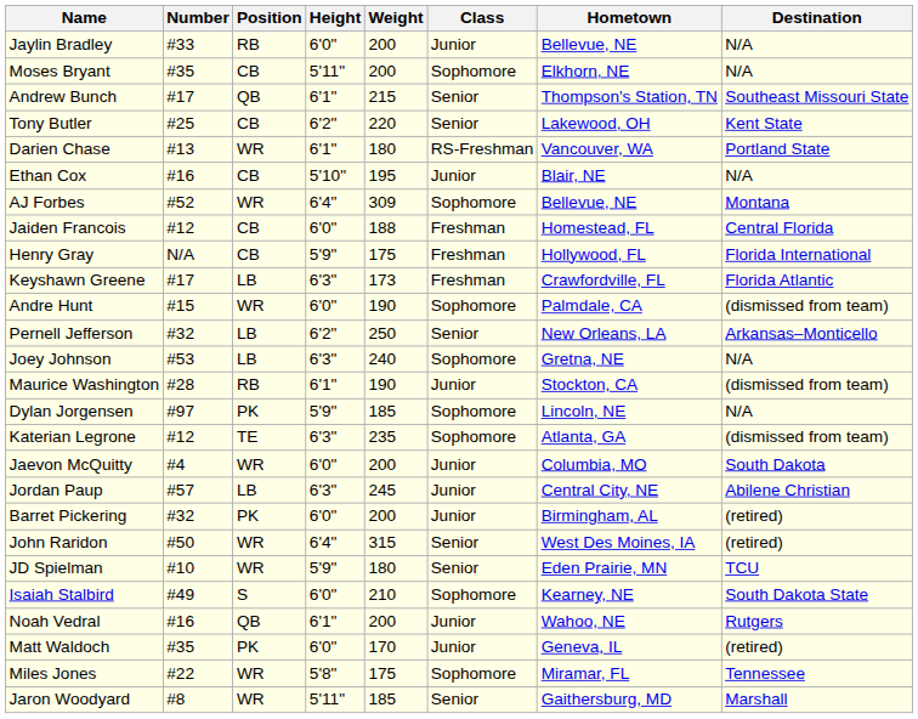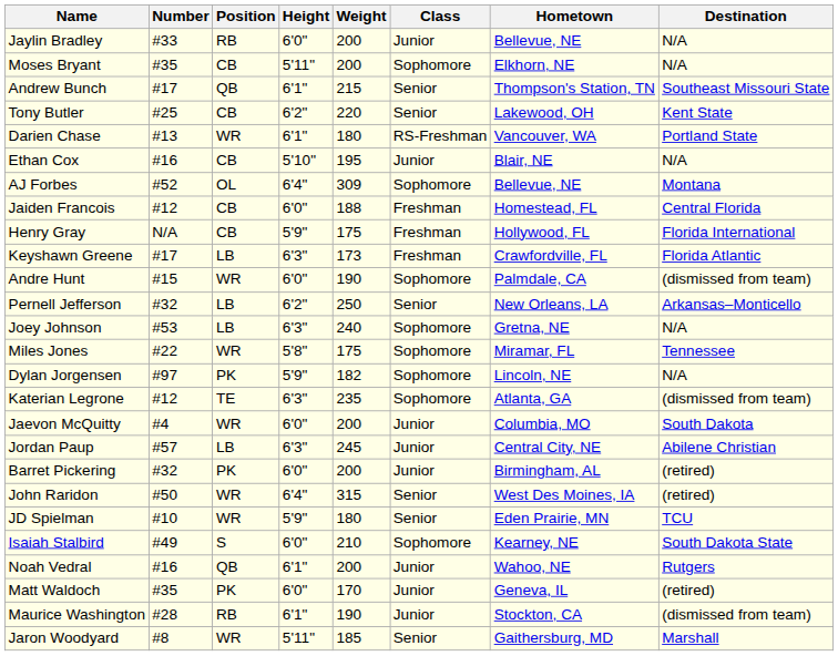 <table class="wikitable sortable">
 <tr>
 <th>Name</th>
 <th>Number</th>
 <th>Position</th>
 <th>Height</th>
 <th>Weight</th>
 <th>Class</th>
 <th>Hometown</th>
 <th>Destination</th>
 </tr>
 <tr style="background:#FFFFE6;">
 <td>Jaylin Bradley</td>
 <td>#33</td>
 <td>RB</td>
 <td>6'0"</td>
 <td>200</td>
 <td>Junior</td>
 <td><a href='#'>Bellevue, NE</a></td>
 <td>N/A</td>
 </tr>
 <tr style="background:#FFFFE6;">
 <td>Moses Bryant</td>
 <td>#35</td>
 <td>CB</td>
 <td>5'11"</td>
 <td>200</td>
 <td>Sophomore</td>
 <td><a href='#'>Elkhorn, NE</a></td>
 <td>N/A</td>
 </tr>
 <tr style="background:#FFFFE6;">
 <td>Andrew Bunch</td>
 <td>#17</td>
 <td>QB</td>
 <td>6'1"</td>
 <td>215</td>
 <td>Senior</td>
 <td><a href='#'>Thompson's Station, TN</a></td>
 <td><a href='#'>Southeast Missouri State</a></td>
 </tr>
 <tr style="background:#FFFFE6;">
 <td>Tony Butler</td>
 <td>#25</td>
 <td>CB</td>
 <td>6'2"</td>
 <td>220</td>
 <td>Senior</td>
 <td><a href='#'>Lakewood, OH</a></td>
 <td><a href='#'>Kent State</a></td>
 </tr>
 <tr style="background:#FFFFE6;">
 <td>Darien Chase</td>
 <td>#13</td>
 <td>WR</td>
 <td>6'1"</td>
 <td>180</td>
 <td>RS-Freshman</td>
 <td><a href='#'>Vancouver, WA</a></td>
 <td><a href='#'>Portland State</a></td>
 </tr>
 <tr style="background:#FFFFE6;">
 <td>Ethan Cox</td>
 <td>#16</td>
 <td>CB</td>
 <td>5'10"</td>
 <td>195</td>
 <td>Junior</td>
 <td><a href='#'>Blair, NE</a></td>
 <td>N/A</td>
 </tr>
 <tr style="background:#FFFFE6;">
 <td>AJ Forbes</td>
 <td>#52</td>
-<td>WR</td>
+<td>OL</td>
 <td>6'4"</td>
 <td>309</td>
 <td>Sophomore</td>
 <td><a href='#'>Bellevue, NE</a></td>
 <td><a href='#'>Montana</a></td>
 </tr>
 <tr style="background:#FFFFE6;">
 <td>Jaiden Francois</td>
 <td>#12</td>
 <td>CB</td>
 <td>6'0"</td>
 <td>188</td>
 <td>Freshman</td>
 <td><a href='#'>Homestead, FL</a></td>
 <td><a href='#'>Central Florida</a></td>
 </tr>
 <tr style="background:#FFFFE6;">
 <td>Henry Gray</td>
 <td>N/A</td>
 <td>CB</td>
 <td>5'9"</td>
 <td>175</td>
 <td>Freshman</td>
 <td><a href='#'>Hollywood, FL</a></td>
 <td><a href='#'>Florida International</a></td>
 </tr>
 <tr style="background:#FFFFE6;">
 <td>Keyshawn Greene</td>
 <td>#17</td>
 <td>LB</td>
 <td>6'3"</td>
 <td>173</td>
 <td>Freshman</td>
 <td><a href='#'>Crawfordville, FL</a></td>
 <td><a href='#'>Florida Atlantic</a></td>
 </tr>
 <tr style="background:#FFFFE6;">
 <td>Andre Hunt</td>
 <td>#15</td>
 <td>WR</td>
 <td>6'0"</td>
 <td>190</td>
 <td>Sophomore</td>
 <td><a href='#'>Palmdale, CA</a></td>
 <td>(dismissed from team)</td>
 </tr>
 <tr style="background:#FFFFE6;">
 <td>Pernell Jefferson</td>
 <td>#32</td>
 <td>LB</td>
 <td>6'2"</td>
 <td>250</td>
 <td>Senior</td>
 <td><a href='#'>New Orleans, LA</a></td>
 <td><a href='#'>Arkansas–Monticello</a></td>
 </tr>
 <tr style="background:#FFFFE6;">
 <td>Joey Johnson</td>
 <td>#53</td>
 <td>LB</td>
 <td>6'3"</td>
 <td>240</td>
 <td>Sophomore</td>
 <td><a href='#'>Gretna, NE</a></td>
 <td>N/A</td>
 </tr>
 <tr style="background:#FFFFE6;">
-<td>Maurice Washington</td>
-<td>#28</td>
-<td>RB</td>
-<td>6'1"</td>
-<td>190</td>
-<td>Junior</td>
-<td><a href='#'>Stockton, CA</a></td>
-<td>(dismissed from team)</td>
+<td>Miles Jones</td>
+<td>#22</td>
+<td>WR</td>
+<td>5'8"</td>
+<td>175</td>
+<td>Sophomore</td>
+<td><a href='#'>Miramar, FL</a></td>
+<td><a href='#'>Tennessee</a></td>
 </tr>
 <tr style="background:#FFFFE6;">
 <td>Dylan Jorgensen</td>
 <td>#97</td>
 <td>PK</td>
 <td>5'9"</td>
-<td>185</td>
+<td>182</td>
 <td>Sophomore</td>
 <td><a href='#'>Lincoln, NE</a></td>
 <td>N/A</td>
 </tr>
 <tr style="background:#FFFFE6;">
 <td>Katerian Legrone</td>
 <td>#12</td>
 <td>TE</td>
 <td>6'3"</td>
 <td>235</td>
 <td>Sophomore</td>
 <td><a href='#'>Atlanta, GA</a></td>
 <td>(dismissed from team)</td>
 </tr>
 <tr style="background:#FFFFE6;">
 <td>Jaevon McQuitty</td>
 <td>#4</td>
 <td>WR</td>
 <td>6'0"</td>
 <td>200</td>
 <td>Junior</td>
 <td><a href='#'>Columbia, MO</a></td>
 <td><a href='#'>South Dakota</a></td>
 </tr>
 <tr style="background:#FFFFE6;">
 <td>Jordan Paup</td>
 <td>#57</td>
 <td>LB</td>
 <td>6'3"</td>
 <td>245</td>
 <td>Junior</td>
 <td><a href='#'>Central City, NE</a></td>
 <td><a href='#'>Abilene Christian</a></td>
 </tr>
 <tr style="background:#FFFFE6;">
 <td>Barret Pickering</td>
 <td>#32</td>
 <td>PK</td>
 <td>6'0"</td>
 <td>200</td>
 <td>Junior</td>
 <td><a href='#'>Birmingham, AL</a></td>
 <td>(retired)</td>
 </tr>
 <tr style="background:#FFFFE6;">
 <td>John Raridon</td>
 <td>#50</td>
 <td>WR</td>
 <td>6'4"</td>
 <td>315</td>
 <td>Senior</td>
 <td><a href='#'>West Des Moines, IA</a></td>
 <td>(retired)</td>
 </tr>
 <tr style="background:#FFFFE6;">
 <td>JD Spielman</td>
 <td>#10</td>
 <td>WR</td>
 <td>5'9"</td>
 <td>180</td>
 <td>Senior</td>
 <td><a href='#'>Eden Prairie, MN</a></td>
 <td><a href='#'>TCU</a></td>
 </tr>
 <tr style="background:#FFFFE6;">
 <td><a href='#'>Isaiah Stalbird</a></td>
 <td>#49</td>
 <td>S</td>
 <td>6'0"</td>
 <td>210</td>
 <td>Sophomore</td>
 <td><a href='#'>Kearney, NE</a></td>
 <td><a href='#'>South Dakota State</a></td>
 </tr>
 <tr style="background:#FFFFE6;">
 <td>Noah Vedral</td>
 <td>#16</td>
 <td>QB</td>
 <td>6'1"</td>
 <td>200</td>
 <td>Junior</td>
 <td><a href='#'>Wahoo, NE</a></td>
 <td><a href='#'>Rutgers</a></td>
 </tr>
 <tr style="background:#FFFFE6;">
 <td>Matt Waldoch</td>
 <td>#35</td>
 <td>PK</td>
 <td>6'0"</td>
 <td>170</td>
 <td>Junior</td>
 <td><a href='#'>Geneva, IL</a></td>
 <td>(retired)</td>
 </tr>
 <tr style="background:#FFFFE6;">
-<td>Miles Jones</td>
-<td>#22</td>
-<td>WR</td>
-<td>5'8"</td>
-<td>175</td>
-<td>Sophomore</td>
-<td><a href='#'>Miramar, FL</a></td>
-<td><a href='#'>Tennessee</a></td>
+<td>Maurice Washington</td>
+<td>#28</td>
+<td>RB</td>
+<td>6'1"</td>
+<td>190</td>
+<td>Junior</td>
+<td><a href='#'>Stockton, CA</a></td>
+<td>(dismissed from team)</td>
 </tr>
 <tr style="background:#FFFFE6;">
 <td>Jaron Woodyard</td>
 <td>#8</td>
 <td>WR</td>
 <td>5'11"</td>
 <td>185</td>
 <td>Senior</td>
 <td><a href='#'>Gaithersburg, MD</a></td>
 <td><a href='#'>Marshall</a></td>
 </tr>
 </table>
